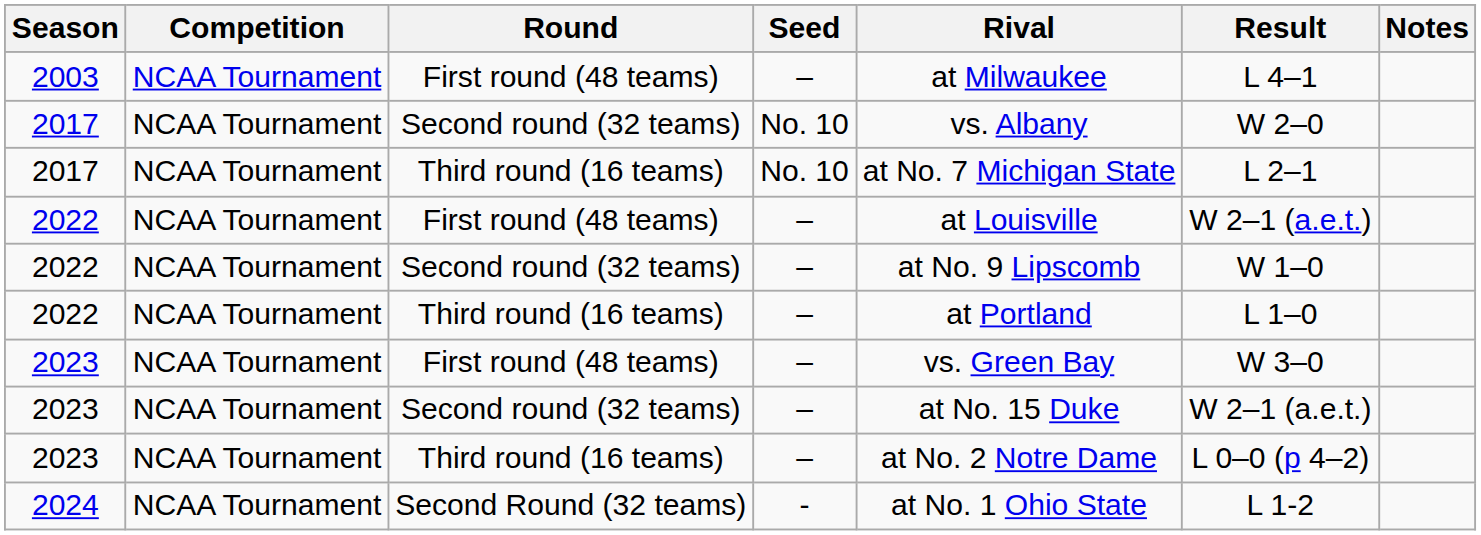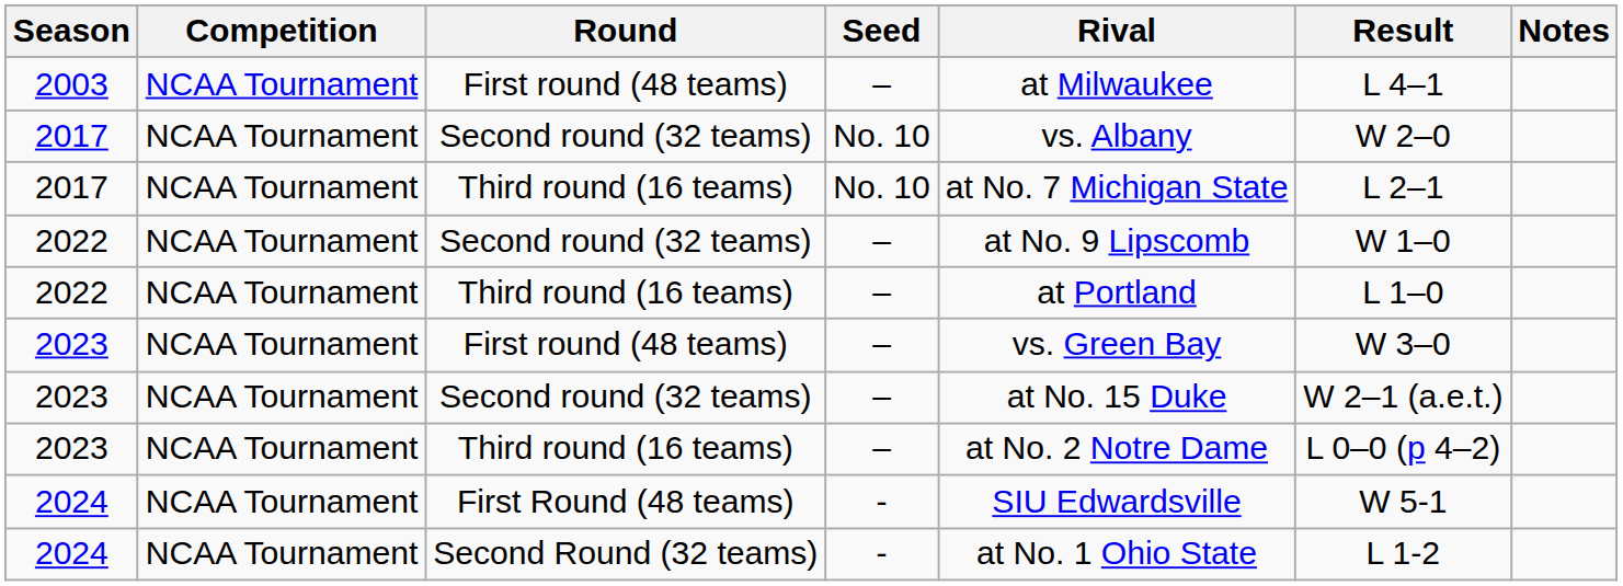 <table class="wikitable" style="text-align: center;">
 <tr>
 <th width=px>Season</th>
 <th width=px>Competition</th>
 <th width=px>Round</th>
 <th width=px>Seed</th>
 <th width=px>Rival</th>
 <th width=px>Result</th>
 <th width=px>Notes</th>
 </tr>
 <tr>
 <td><a href='#'>2003</a></td>
 <td><a href='#'>NCAA Tournament</a></td>
 <td align=center>First round (48 teams)</td>
 <td align=center>–</td>
 <td>at <a href='#'>Milwaukee</a></td>
 <td align=center>L 4–1</td>
 <td></td>
 </tr>
 <tr>
 <td><a href='#'>2017</a></td>
 <td>NCAA Tournament</td>
 <td align=center>Second round (32 teams)</td>
 <td align=center>No. 10</td>
 <td>vs. <a href='#'>Albany</a></td>
 <td align=center>W 2–0</td>
 <td></td>
 </tr>
 <tr>
 <td>2017</td>
 <td>NCAA Tournament</td>
 <td align=center>Third round (16 teams)</td>
 <td align=center>No. 10</td>
 <td>at No. 7 <a href='#'>Michigan State</a></td>
 <td align=center>L 2–1</td>
-<td></td>
-</tr>
-<tr>
-<td><a href='#'>2022</a></td>
-<td>NCAA Tournament</td>
-<td align=center>First round (48 teams)</td>
-<td align=center>–</td>
-<td>at <a href='#'>Louisville</a></td>
-<td align=center>W 2–1 (<a href='#'>a.e.t.</a>)</td>
 <td></td>
 </tr>
 <tr>
 <td>2022</td>
 <td>NCAA Tournament</td>
 <td align=center>Second round (32 teams)</td>
 <td align=center>–</td>
 <td>at No. 9 <a href='#'>Lipscomb</a></td>
 <td align=center>W 1–0</td>
 <td></td>
 </tr>
 <tr>
 <td>2022</td>
 <td>NCAA Tournament</td>
 <td align=center>Third round (16 teams)</td>
 <td align=center>–</td>
 <td>at <a href='#'>Portland</a></td>
 <td align=center>L 1–0</td>
 <td></td>
 </tr>
 <tr>
 <td><a href='#'>2023</a></td>
 <td>NCAA Tournament</td>
 <td align=center>First round (48 teams)</td>
 <td align=center>–</td>
 <td>vs. <a href='#'>Green Bay</a></td>
 <td align=center>W 3–0</td>
 <td></td>
 </tr>
 <tr>
 <td>2023</td>
 <td>NCAA Tournament</td>
 <td align=center>Second round (32 teams)</td>
 <td align=center>–</td>
 <td>at No. 15 <a href='#'>Duke</a></td>
 <td align=center>W 2–1 (a.e.t.)</td>
 <td></td>
 </tr>
 <tr>
 <td>2023</td>
 <td>NCAA Tournament</td>
 <td align=center>Third round (16 teams)</td>
 <td align=center>–</td>
 <td>at No. 2 <a href='#'>Notre Dame</a></td>
 <td align=center>L 0–0 (<a href='#'>p</a> 4–2)</td>
 <td></td>
 </tr>
 <tr>
 <td><a href='#'>2024</a></td>
 <td>NCAA Tournament</td>
+<td align=center>First Round (48 teams)</td>
+<td align=center>-</td>
+<td><a href='#'>SIU Edwardsville</a></td>
+<td align=center>W 5-1</td>
+<td></td>
+</tr>
+<tr>
+<td><a href='#'>2024</a></td>
+<td>NCAA Tournament</td>
 <td align=center>Second Round (32 teams)</td>
 <td align=center>-</td>
 <td>at No. 1 <a href='#'>Ohio State</a></td>
 <td align=center>L 1-2</td>
 <td></td>
 </tr>
 </table>
